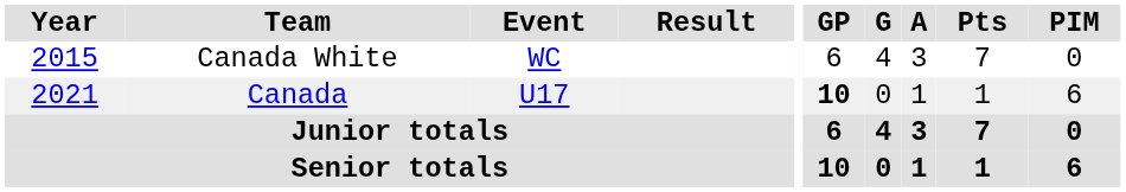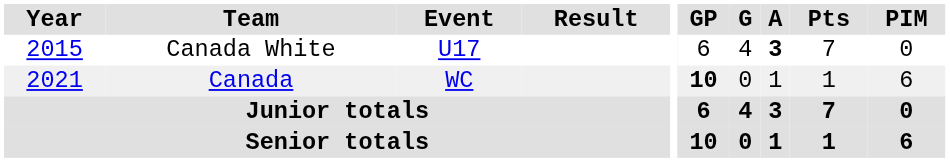 <table border="0" cellpadding="1" cellspacing="0" ID="Table3" style="text-align:center; width:40em">
 <tr ALIGN="center" bgcolor="#e0e0e0">
 <th>Year</th>
 <th>Team</th>
 <th>Event</th>
 <th>Result</th>
 <th rowspan="98" bgcolor="#ffffff"></th>
 <th>GP</th>
 <th>G</th>
 <th>A</th>
 <th>Pts</th>
 <th>PIM</th>
 </tr>
 <tr>
 <td><a href='#'>2015</a></td>
 <td>Canada White</td>
-<td><a href='#'>WC</a></td>
+<td><a href='#'>U17</a></td>
 <td></td>
 <td>6</td>
 <td>4</td>
-<td>3</td>
+<td><strong>3</strong></td>
 <td>7</td>
 <td>0</td>
 </tr>
 <tr bgcolor="#f0f0f0">
 <td><a href='#'>2021</a></td>
 <td><a href='#'>Canada</a></td>
-<td><a href='#'>U17</a></td>
+<td><a href='#'>WC</a></td>
 <td></td>
 <td><strong>10</strong></td>
 <td>0</td>
 <td>1</td>
 <td>1</td>
 <td>6</td>
 </tr>
 <tr bgcolor="#e0e0e0">
 <th colspan="4">Junior totals</th>
 <th>6</th>
 <th>4</th>
 <th>3</th>
 <th>7</th>
 <th>0</th>
 </tr>
 <tr bgcolor="#e0e0e0">
 <th colspan="4">Senior totals</th>
 <th>10</th>
 <th>0</th>
 <th>1</th>
 <th>1</th>
 <th>6</th>
 </tr>
 </table>
